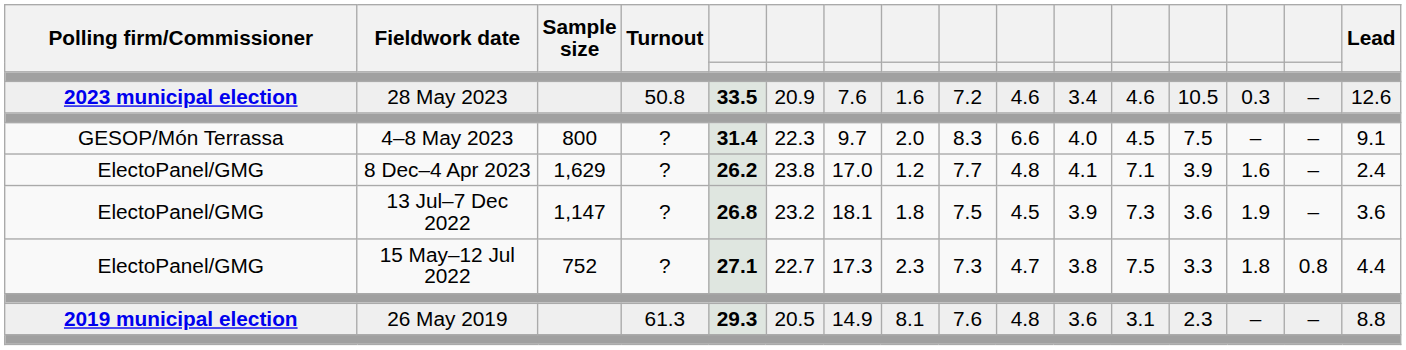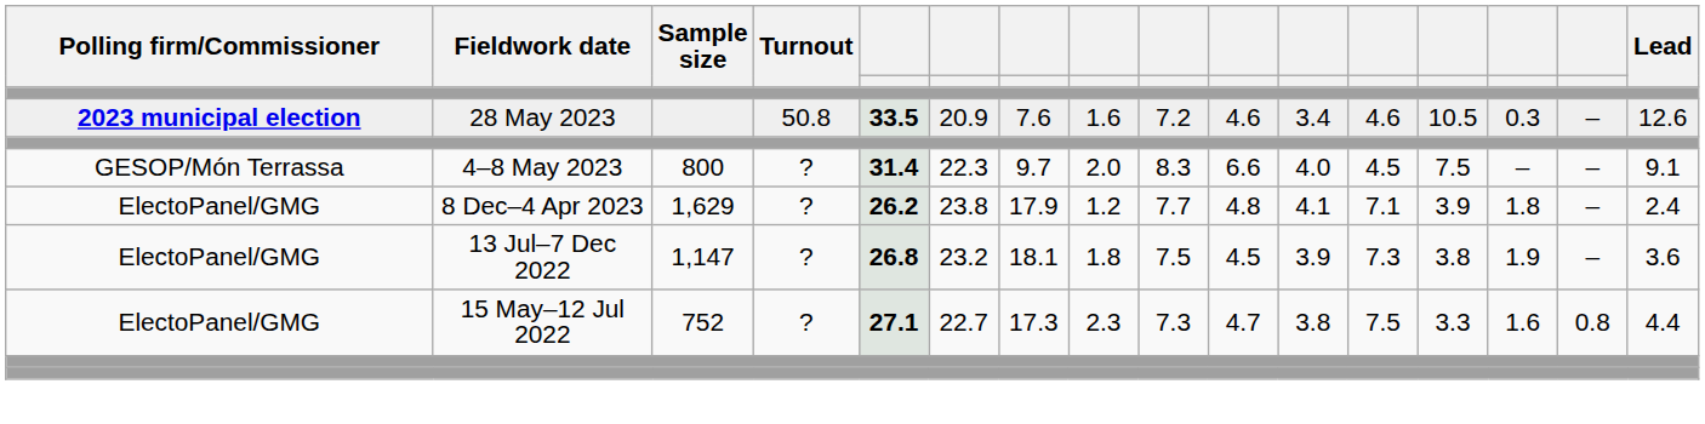 <table class="wikitable collapsible collapsed" style="text-align:center; font-size:95%; line-height:16px;">
 <tr style="height:42px;">
 <th style="width:250px;" rowspan="2">Polling firm/Commissioner</th>
 <th style="width:125px;" rowspan="2">Fieldwork date</th>
 <th style="width:50px;" rowspan="2">Sample size</th>
 <th style="width:45px;" rowspan="2">Turnout</th>
 <th style="width:35px;"></th>
 <th style="width:35px;"></th>
 <th style="width:35px;"></th>
 <th style="width:35px;"></th>
 <th style="width:35px;"><br></th>
 <th style="width:35px;"></th>
 <th style="width:35px;"></th>
 <th style="width:35px;"></th>
 <th style="width:35px;"></th>
 <th style="width:35px;"></th>
 <th style="width:35px;"></th>
 <th style="width:30px;" rowspan="2">Lead</th>
 </tr>
 <tr>
 <th style="color:inherit;background:"></th>
 <th style="color:inherit;background:"></th>
 <th style="color:inherit;background:"></th>
 <th style="color:inherit;background:"></th>
 <th style="color:inherit;background:"></th>
 <th style="color:inherit;background:"></th>
 <th style="color:inherit;background:"></th>
 <th style="color:inherit;background:"></th>
 <th style="color:inherit;background:"></th>
 <th style="color:inherit;background:"></th>
 <th style="color:inherit;background:"></th>
 </tr>
 <tr>
 <td colspan="16" style="background:#A0A0A0"></td>
 </tr>
 <tr style="background:#EFEFEF;">
 <td><strong><a href='#'>2023 municipal election</a></strong></td>
 <td>28 May 2023</td>
 <td></td>
 <td>50.8</td>
 <td style="background:#DFE6E0;"><strong>33.5</strong><br></td>
 <td>20.9<br></td>
 <td>7.6<br></td>
 <td>1.6<br></td>
 <td>7.2<br></td>
 <td>4.6<br></td>
 <td>3.4<br></td>
 <td>4.6<br></td>
 <td>10.5<br></td>
 <td>0.3<br></td>
 <td>–</td>
 <td style="background:">12.6</td>
 </tr>
 <tr>
 <td colspan="16" style="background:#A0A0A0"></td>
 </tr>
 <tr>
 <td>GESOP/Món Terrassa</td>
 <td>4–8 May 2023</td>
 <td>800</td>
 <td>?</td>
 <td style="background:#DFE6E0;"><strong>31.4</strong><br></td>
 <td>22.3<br></td>
 <td>9.7<br></td>
 <td>2.0<br></td>
 <td>8.3<br></td>
 <td>6.6<br></td>
 <td>4.0<br></td>
 <td>4.5<br></td>
 <td>7.5<br></td>
 <td>–</td>
 <td>–</td>
 <td style="background:">9.1</td>
 </tr>
 <tr>
 <td>ElectoPanel/GMG</td>
 <td>8 Dec–4 Apr 2023</td>
 <td>1,629</td>
 <td>?</td>
 <td style="background:#DFE6E0;"><strong>26.2</strong><br></td>
 <td>23.8<br></td>
-<td>17.0<br></td>
+<td>17.9<br></td>
 <td>1.2<br></td>
 <td>7.7<br></td>
 <td>4.8<br></td>
 <td>4.1<br></td>
 <td>7.1<br></td>
 <td>3.9<br></td>
-<td>1.6<br></td>
+<td>1.8<br></td>
 <td>–</td>
 <td style="background:">2.4</td>
 </tr>
 <tr>
 <td>ElectoPanel/GMG</td>
 <td>13 Jul–7 Dec 2022</td>
 <td>1,147</td>
 <td>?</td>
 <td style="background:#DFE6E0;"><strong>26.8</strong><br></td>
 <td>23.2<br></td>
 <td>18.1<br></td>
 <td>1.8<br></td>
 <td>7.5<br></td>
 <td>4.5<br></td>
 <td>3.9<br></td>
 <td>7.3<br></td>
-<td>3.6<br></td>
+<td>3.8<br></td>
 <td>1.9<br></td>
 <td>–</td>
 <td style="background:">3.6</td>
 </tr>
 <tr>
 <td>ElectoPanel/GMG</td>
 <td>15 May–12 Jul 2022</td>
 <td>752</td>
 <td>?</td>
 <td style="background:#DFE6E0;"><strong>27.1</strong><br></td>
 <td>22.7<br></td>
 <td>17.3<br></td>
 <td>2.3<br></td>
 <td>7.3<br></td>
 <td>4.7<br></td>
 <td>3.8<br></td>
 <td>7.5<br></td>
 <td>3.3<br></td>
-<td>1.8<br></td>
+<td>1.6<br></td>
 <td>0.8<br></td>
 <td style="background:">4.4</td>
 </tr>
 <tr>
 <td colspan="16" style="background:#A0A0A0"></td>
 </tr>
-<tr style="background:#EFEFEF;">
-<td><strong><a href='#'>2019 municipal election</a></strong></td>
-<td>26 May 2019</td>
-<td></td>
-<td>61.3</td>
-<td style="background:#DFE6E0;"><strong>29.3</strong><br></td>
-<td>20.5<br></td>
-<td>14.9<br></td>
-<td>8.1<br></td>
-<td>7.6<br></td>
-<td>4.8<br></td>
-<td>3.6<br></td>
-<td>3.1<br></td>
-<td>2.3<br></td>
-<td>–</td>
-<td>–</td>
-<td style="background:">8.8</td>
-</tr>
 <tr>
 <td colspan="16" style="background:#A0A0A0"></td>
 </tr>
 </table>
